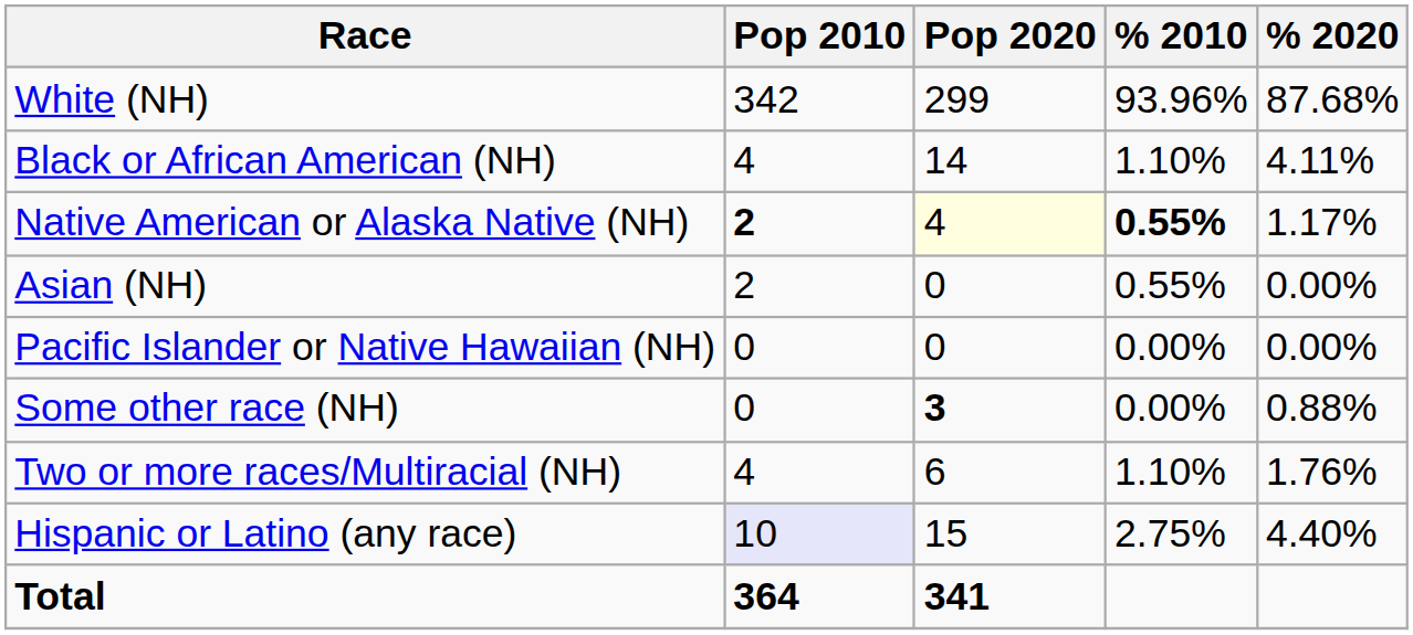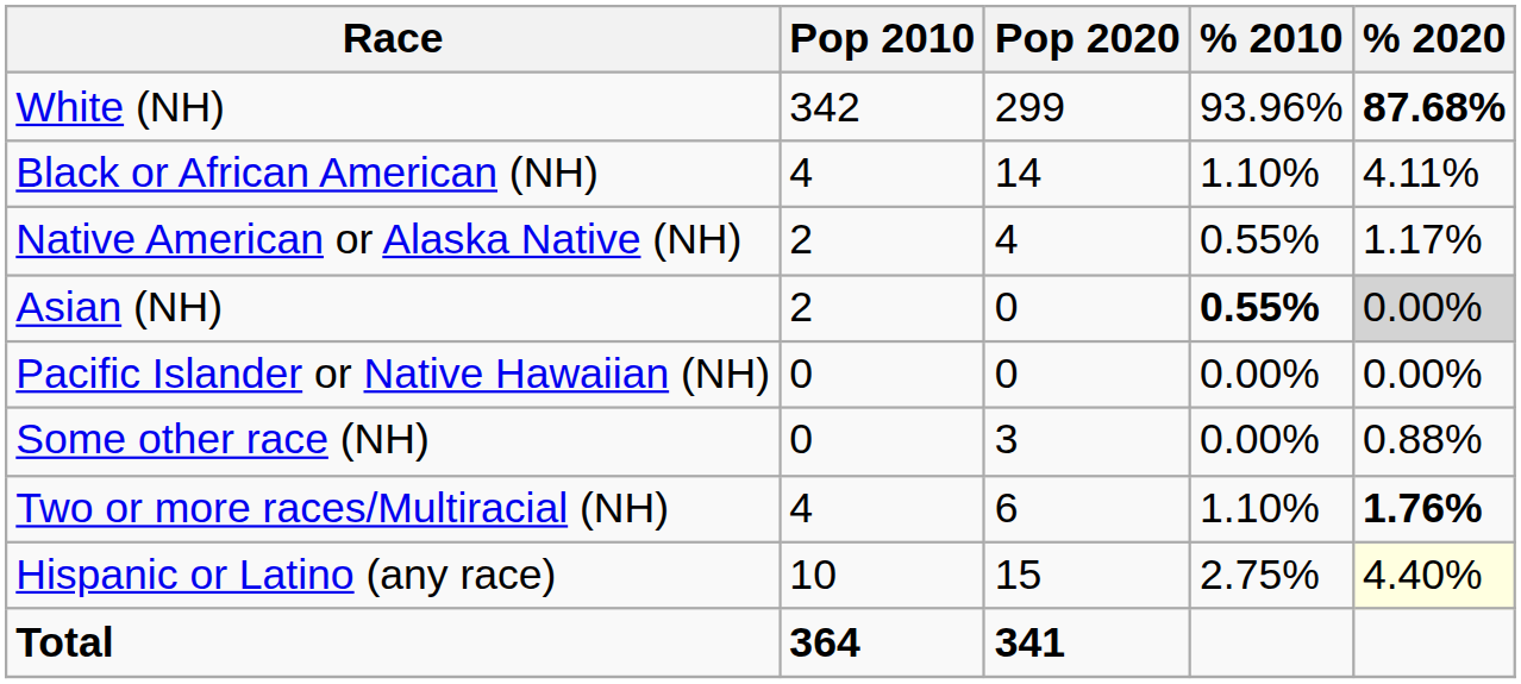 <table class="wikitable">
 <tr>
 <th>Race</th>
 <th>Pop 2010</th>
 <th>Pop 2020</th>
 <th>% 2010</th>
 <th>% 2020</th>
 </tr>
 <tr>
 <td><a href='#'>White</a> (NH)</td>
 <td>342</td>
 <td>299</td>
 <td>93.96%</td>
-<td>87.68%</td>
+<td><strong>87.68%</strong></td>
 </tr>
 <tr>
 <td><a href='#'>Black or African American</a> (NH)</td>
 <td>4</td>
 <td>14</td>
 <td>1.10%</td>
 <td>4.11%</td>
 </tr>
 <tr>
 <td><a href='#'>Native American</a> or <a href='#'>Alaska Native</a> (NH)</td>
-<td><strong>2</strong></td>
-<td style="background: lightyellow;">4</td>
-<td><strong>0.55%</strong></td>
+<td>2</td>
+<td>4</td>
+<td>0.55%</td>
 <td>1.17%</td>
 </tr>
 <tr>
 <td><a href='#'>Asian</a> (NH)</td>
 <td>2</td>
 <td>0</td>
-<td>0.55%</td>
-<td>0.00%</td>
+<td><strong>0.55%</strong></td>
+<td style="background: lightgrey;">0.00%</td>
 </tr>
 <tr>
 <td><a href='#'>Pacific Islander</a> or <a href='#'>Native Hawaiian</a> (NH)</td>
 <td>0</td>
 <td>0</td>
 <td>0.00%</td>
 <td>0.00%</td>
 </tr>
 <tr>
 <td><a href='#'>Some other race</a> (NH)</td>
 <td>0</td>
-<td><strong>3</strong></td>
+<td>3</td>
 <td>0.00%</td>
 <td>0.88%</td>
 </tr>
 <tr>
 <td><a href='#'>Two or more races/Multiracial</a> (NH)</td>
 <td>4</td>
 <td>6</td>
 <td>1.10%</td>
-<td>1.76%</td>
+<td><strong>1.76%</strong></td>
 </tr>
 <tr>
 <td><a href='#'>Hispanic or Latino</a> (any race)</td>
-<td style="background: lavender;">10</td>
+<td>10</td>
 <td>15</td>
 <td>2.75%</td>
-<td>4.40%</td>
+<td style="background: lightyellow;">4.40%</td>
 </tr>
 <tr>
 <td><strong>Total</strong></td>
 <td><strong>364</strong></td>
 <td><strong>341</strong></td>
 <td></td>
 <td></td>
 </tr>
 <tr>
 </tr>
 </table>
